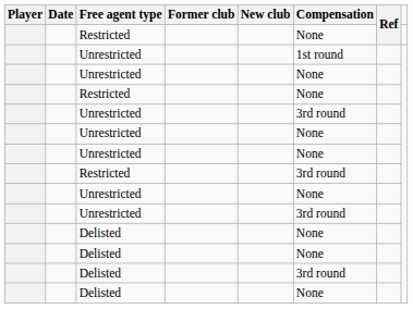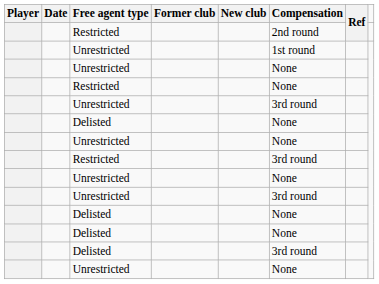 <table class="wikitable plainrowheaders sortable">
 <tr>
 <th scope="col">Player</th>
 <th scope="col">Date</th>
 <th scope="col">Free agent type</th>
 <th scope="col">Former club</th>
 <th scope="col">New club</th>
 <th scope="col">Compensation</th>
 <th scope="col" class="unsortable" rowspan=2>Ref</th>
 </tr>
 <tr>
 <th scope="row"></th>
 <td></td>
 <td>Restricted</td>
 <td></td>
 <td></td>
-<td>None</td>
+<td>2nd round</td>
 <td align=center></td>
 </tr>
 <tr>
 <th scope="row"></th>
 <td></td>
 <td>Unrestricted</td>
 <td></td>
 <td></td>
 <td>1st round</td>
 <td align=center></td>
 </tr>
 <tr>
 <th scope="row"></th>
 <td></td>
 <td>Unrestricted</td>
 <td></td>
 <td></td>
 <td>None</td>
 <td align=center></td>
 </tr>
 <tr>
 <th scope="row"></th>
 <td></td>
 <td>Restricted</td>
 <td></td>
 <td></td>
 <td>None</td>
 <td align=center></td>
 </tr>
 <tr>
 <th scope="row"></th>
 <td></td>
 <td>Unrestricted</td>
 <td></td>
 <td></td>
 <td>3rd round</td>
 <td align=center></td>
 </tr>
 <tr>
 <th scope="row"></th>
 <td></td>
-<td>Unrestricted</td>
+<td>Delisted</td>
 <td></td>
 <td></td>
 <td>None</td>
 <td align=center></td>
 </tr>
 <tr>
 <th scope="row"></th>
 <td></td>
 <td>Unrestricted</td>
 <td></td>
 <td></td>
 <td>None</td>
 <td align=center></td>
 </tr>
 <tr>
 <th scope="row"></th>
 <td></td>
 <td>Restricted</td>
 <td></td>
 <td></td>
 <td>3rd round</td>
 <td align=center></td>
 </tr>
 <tr>
 <th scope="row"></th>
 <td></td>
 <td>Unrestricted</td>
 <td></td>
 <td></td>
 <td>None</td>
 <td align=center></td>
 </tr>
 <tr>
 <th scope="row"></th>
 <td></td>
 <td>Unrestricted</td>
 <td></td>
 <td></td>
 <td>3rd round</td>
 <td align=center></td>
 </tr>
 <tr>
 <th scope="row"></th>
 <td></td>
 <td>Delisted</td>
 <td></td>
 <td></td>
 <td>None</td>
 <td align=center></td>
 </tr>
 <tr>
 <th scope="row"></th>
 <td></td>
 <td>Delisted</td>
 <td></td>
 <td></td>
 <td>None</td>
 <td align=center></td>
 </tr>
 <tr>
 <th scope="row"></th>
 <td></td>
 <td>Delisted</td>
 <td></td>
 <td></td>
 <td>3rd round</td>
 <td align=center></td>
 </tr>
 <tr>
 <th scope="row"></th>
 <td></td>
-<td>Delisted</td>
+<td>Unrestricted</td>
 <td></td>
 <td></td>
 <td>None</td>
 <td align=center></td>
 </tr>
 </table>
